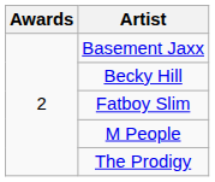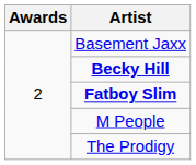 <table class="wikitable" rowspan="2" style="text-align:center;">
 <tr>
 <th scope="col" style="width:55px;">Awards</th>
 <th scope="col" style="text-align:center;">Artist</th>
 </tr>
 <tr>
 <td rowspan="5">2</td>
 <td><a href='#'>Basement Jaxx</a></td>
 </tr>
 <tr>
-<td><a href='#'>Becky Hill</a></td>
+<td><strong><a href='#'>Becky Hill</a></strong></td>
 </tr>
 <tr>
-<td><a href='#'>Fatboy Slim</a></td>
+<td><strong><a href='#'>Fatboy Slim</a></strong></td>
 </tr>
 <tr>
 <td><a href='#'>M People</a></td>
 </tr>
 <tr>
 <td><a href='#'>The Prodigy</a></td>
 </tr>
 </table>
